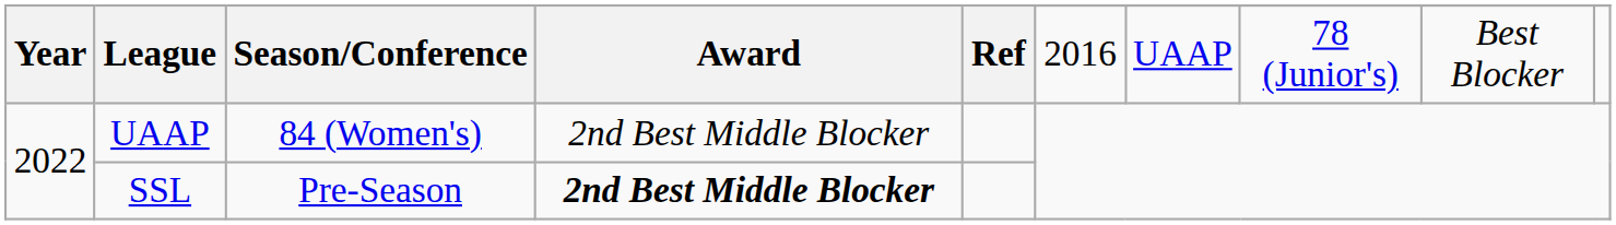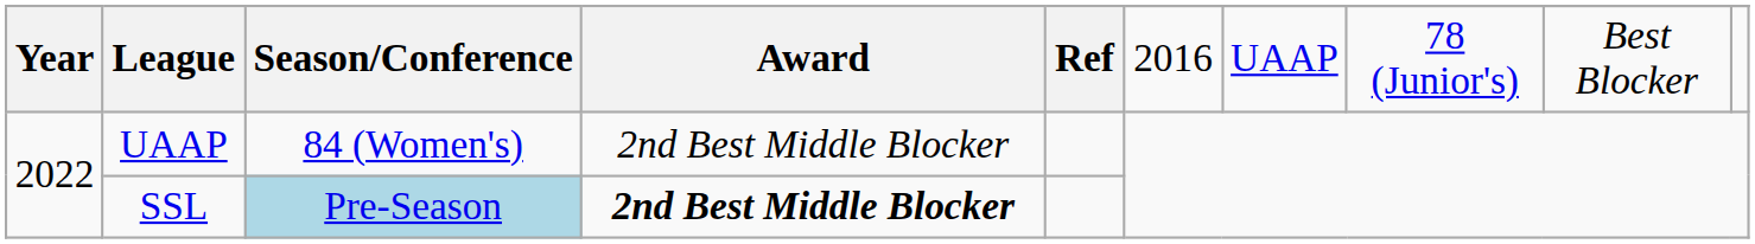 <table class="wikitable sortable" style="text-align:center" width="80%">
 <tr>
 <th style="width:5px;" rowspan="2">Year</th>
 <th style="width:25px;" rowspan="2">League</th>
 <th style="width:100px;" rowspan="2">Season/Conference</th>
 <th style="width:180px;" rowspan="2">Award</th>
 <th style="width:25px;" rowspan="2">Ref</th>
 </tr>
 <tr>
 <td>2016</td>
 <td><a href='#'>UAAP</a></td>
 <td><a href='#'>78 (Junior's)</a></td>
 <td rowspan="1"><em>Best Blocker</em></td>
 <td></td>
 </tr>
 <tr>
 <td rowspan="2">2022</td>
 <td><a href='#'>UAAP</a></td>
 <td rowspan="1"><a href='#'>84 (Women's)</a></td>
 <td><em>2nd Best Middle Blocker</em></td>
 <td rowspan="1"></td>
 </tr>
 <tr>
 <td><a href='#'>SSL</a></td>
-<td><a href='#'>Pre-Season</a></td>
+<td style="background: lightblue;"><a href='#'>Pre-Season</a></td>
 <td><strong><em>2nd Best Middle Blocker</em></strong></td>
 <td></td>
 </tr>
 </table>
